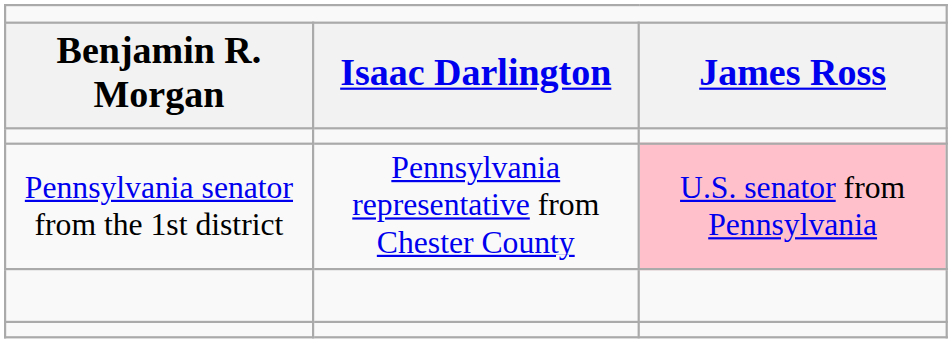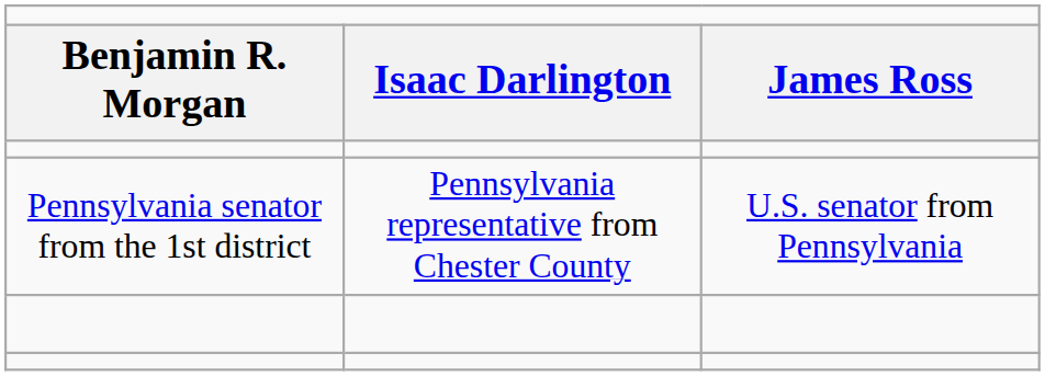 <table class="wikitable mw-collapsible mw-collapsed" style="font-size:90%">
 <tr>
 <td colspan="9" style="text-align:center; width:420px; font-size:120%; color:white; background:"><em></em></td>
 </tr>
 <tr>
 <th scope="col" style="width:3em; font-size:120%;">Benjamin R. Morgan</th>
 <th scope="col" style="width:3em; font-size:120%;"><a href='#'>Isaac Darlington</a></th>
 <th scope="col" style="width:3em; font-size:120%;"><a href='#'>James Ross</a></th>
 </tr>
 <tr>
 <td></td>
 <td></td>
 <td></td>
 </tr>
 <tr style="text-align:center">
 <td><a href='#'>Pennsylvania senator</a> from the 1st district <br> </td>
 <td><a href='#'>Pennsylvania representative</a> from <a href='#'>Chester County</a> <br> </td>
-<td style="background: pink;"><a href='#'>U.S. senator</a> from <a href='#'>Pennsylvania</a> <br> </td>
+<td><a href='#'>U.S. senator</a> from <a href='#'>Pennsylvania</a> <br> </td>
 </tr>
 <tr style="text-align:center">
 <td><em></em> <br> </td>
 <td><em></em> <br> </td>
 <td><em></em> <br> </td>
 </tr>
 <tr style="text-align:center">
 <td></td>
 <td></td>
 <td></td>
 </tr>
 </table>
